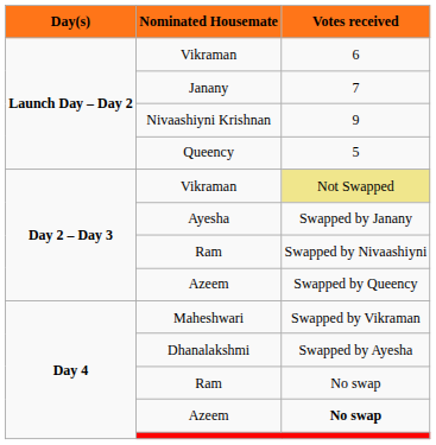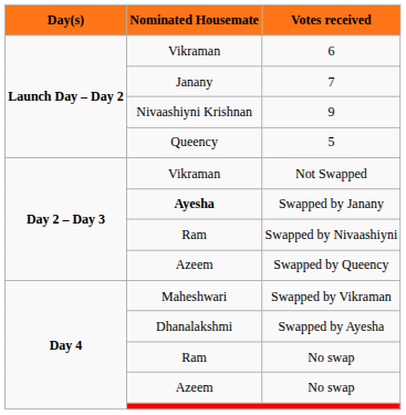 <table class="wikitable sortable" style=" text-align:center; font-size:85%; line-height:25px; width:auto;">
 <tr>
 <th scope="col" style="background:#FF7518; color:black; ">Day(s)</th>
 <th scope="col" style="background:#FF7518; color:black; ">Nominated Housemate</th>
 <th scope="col"style="background:#FF7518; color:black; ">Votes received</th>
 </tr>
 <tr>
 <td rowspan="4"><strong>Launch Day – Day 2</strong></td>
 <td>Vikraman</td>
 <td>6</td>
 </tr>
 <tr>
 <td>Janany</td>
 <td>7</td>
 </tr>
 <tr>
 <td>Nivaashiyni Krishnan</td>
 <td>9</td>
 </tr>
 <tr>
 <td>Queency</td>
 <td>5</td>
 </tr>
 <tr>
 <td rowspan="4"><strong>Day 2 – Day 3</strong></td>
 <td>Vikraman</td>
-<td style="background: khaki;">Not Swapped</td>
+<td>Not Swapped</td>
 </tr>
 <tr>
-<td>Ayesha</td>
+<td><strong>Ayesha</strong></td>
 <td>Swapped by Janany</td>
 </tr>
 <tr>
 <td>Ram</td>
 <td>Swapped by Nivaashiyni</td>
 </tr>
 <tr>
 <td>Azeem</td>
 <td>Swapped by Queency</td>
 </tr>
 <tr>
 <td rowspan="5"><strong>Day 4</strong></td>
 <td>Maheshwari</td>
 <td>Swapped by Vikraman</td>
 </tr>
 <tr>
 <td>Dhanalakshmi</td>
 <td>Swapped by Ayesha</td>
 </tr>
 <tr>
 <td>Ram</td>
 <td>No swap</td>
 </tr>
 <tr>
 <td>Azeem</td>
-<td><strong>No swap</strong></td>
+<td>No swap</td>
 </tr>
 <tr>
 <td colspan="2" style="background:Red; text-align:center"></td>
 </tr>
 </table>
